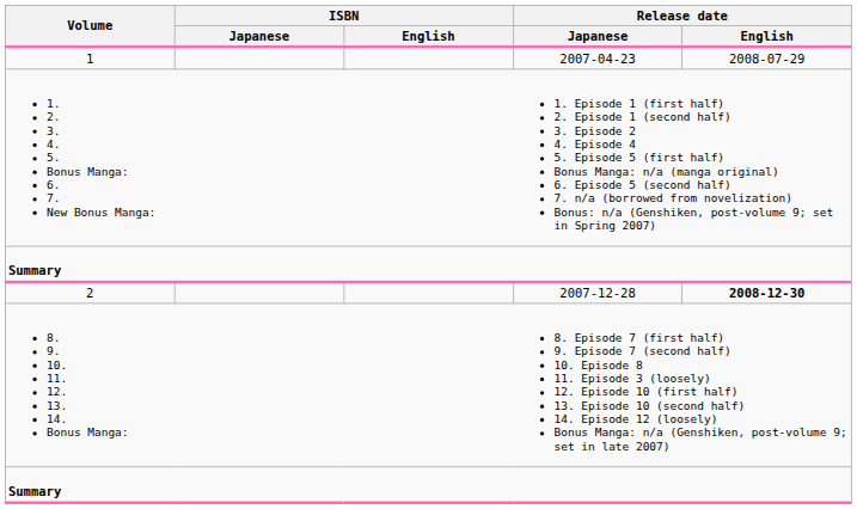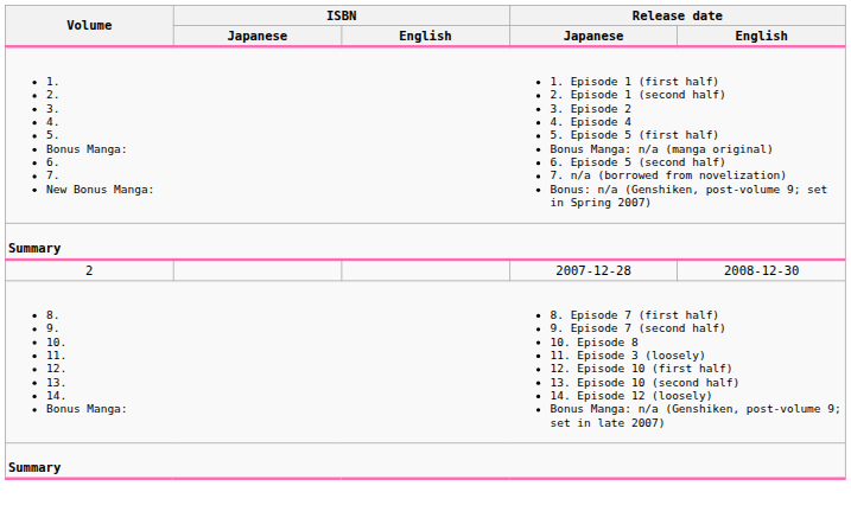 <table class="wikitable" width="99%">
 <tr style="text-align: center;">
 <th rowspan="2">Volume</th>
 <th colspan="2" width="40%">ISBN</th>
 <th colspan="2" width="40%">Release date</th>
 </tr>
 <tr style = "border-bottom:3px solid #FF69B4">
 <th width="20%">Japanese</th>
 <th width="20%">English</th>
 <th width="20%">Japanese</th>
 <th width="20%">English</th>
-</tr>
-<tr style="text-align: center;">
-<td>1</td>
-<td></td>
-<td></td>
-<td>2007-04-23</td>
-<td>2008-07-29</td>
 </tr>
 <tr>
 <td colspan="3" style="border: none; vertical-align: top; font-size: 90%;"><br><ul><li>1.	</li><li>2.	</li><li>3.	</li><li>4.	</li><li>5.	</li><li>Bonus Manga:	</li><li>6.	</li><li>7.	</li><li>New Bonus Manga:	</li></ul></td>
 <td colspan="2" style="border: none; vertical-align: top; font-size: 90%;"><br><ul><li>1.	Episode 1 (first half)</li><li>2.	Episode 1 (second half)</li><li>3.	Episode 2</li><li>4.	Episode 4</li><li>5.	Episode 5 (first half)</li><li>Bonus Manga:	n/a (manga original)</li><li>6.	Episode 5 (second half)</li><li>7. n/a (borrowed from novelization)</li><li>Bonus: n/a (Genshiken, post-volume 9; set in Spring 2007)</li></ul></td>
 </tr>
 <tr>
 <td colspan="5" style="vertical-align: top; border-bottom:3px solid #FF69B4"><br><strong>Summary</strong> </td>
 </tr>
 <tr style="text-align: center;">
 <td>2</td>
 <td></td>
 <td></td>
 <td>2007-12-28</td>
-<td><strong>2008-12-30</strong></td>
+<td>2008-12-30</td>
 </tr>
 <tr>
 <td colspan="3" style="border: none; vertical-align: top; font-size: 90%;"><br><ul><li>8.	</li><li>9.	</li><li>10.	</li><li>11.	</li><li>12.	</li><li>13.	</li><li>14.	</li><li>Bonus Manga:	</li></ul></td>
 <td colspan="2" style="border: none; vertical-align: top; font-size: 90%;"><br><ul><li>8.	Episode 7 (first half)</li><li>9.	Episode 7 (second half)</li><li>10.	Episode 8</li><li>11.	Episode 3 (loosely)</li><li>12.	Episode 10 (first half)</li><li>13.	Episode 10 (second half)</li><li>14.	Episode 12 (loosely)</li><li>Bonus Manga:	n/a (Genshiken, post-volume 9; set in late 2007)</li></ul></td>
 </tr>
 <tr>
 <td colspan="5" style="vertical-align: top; border-bottom:3px solid #FF69B4"><br><strong>Summary</strong> </td>
 </tr>
 </table>
